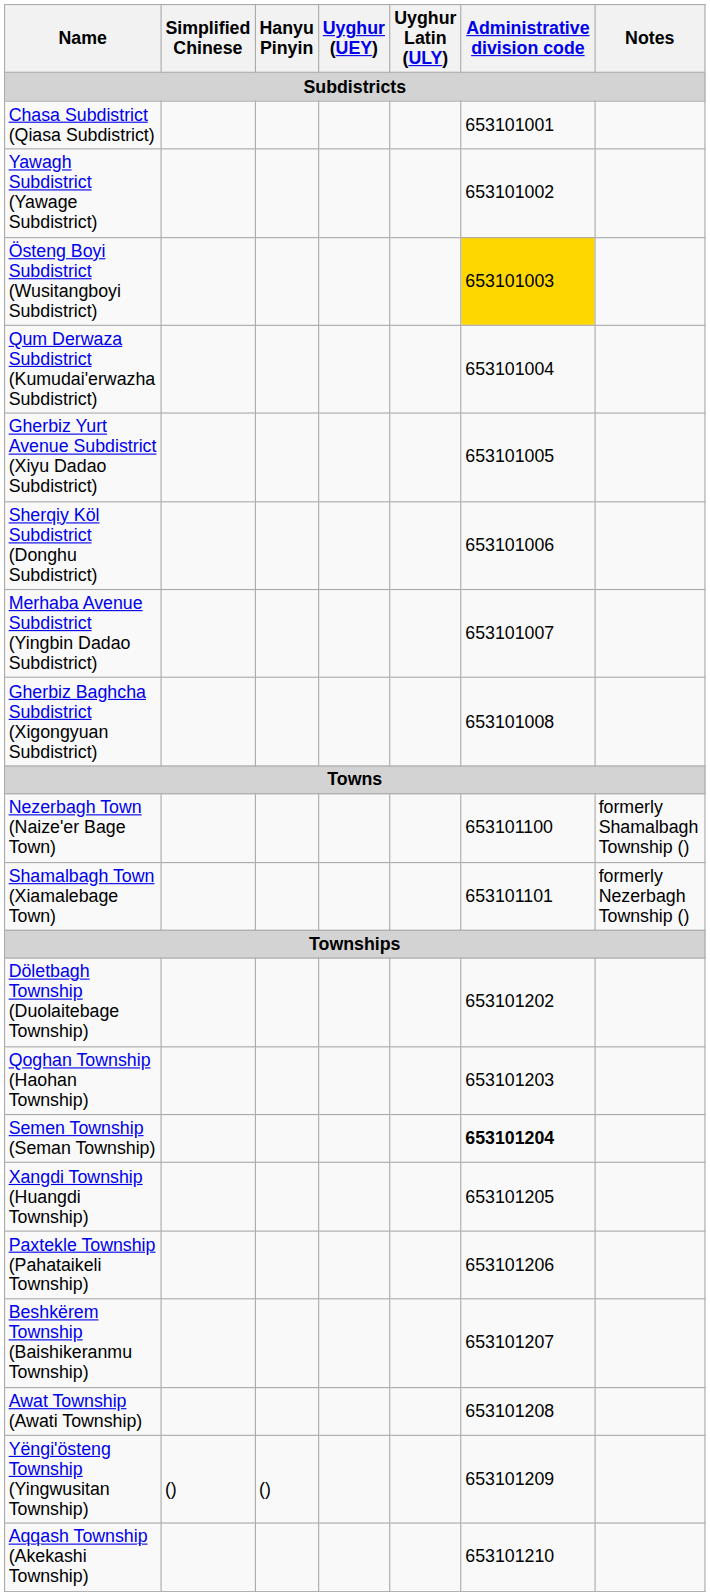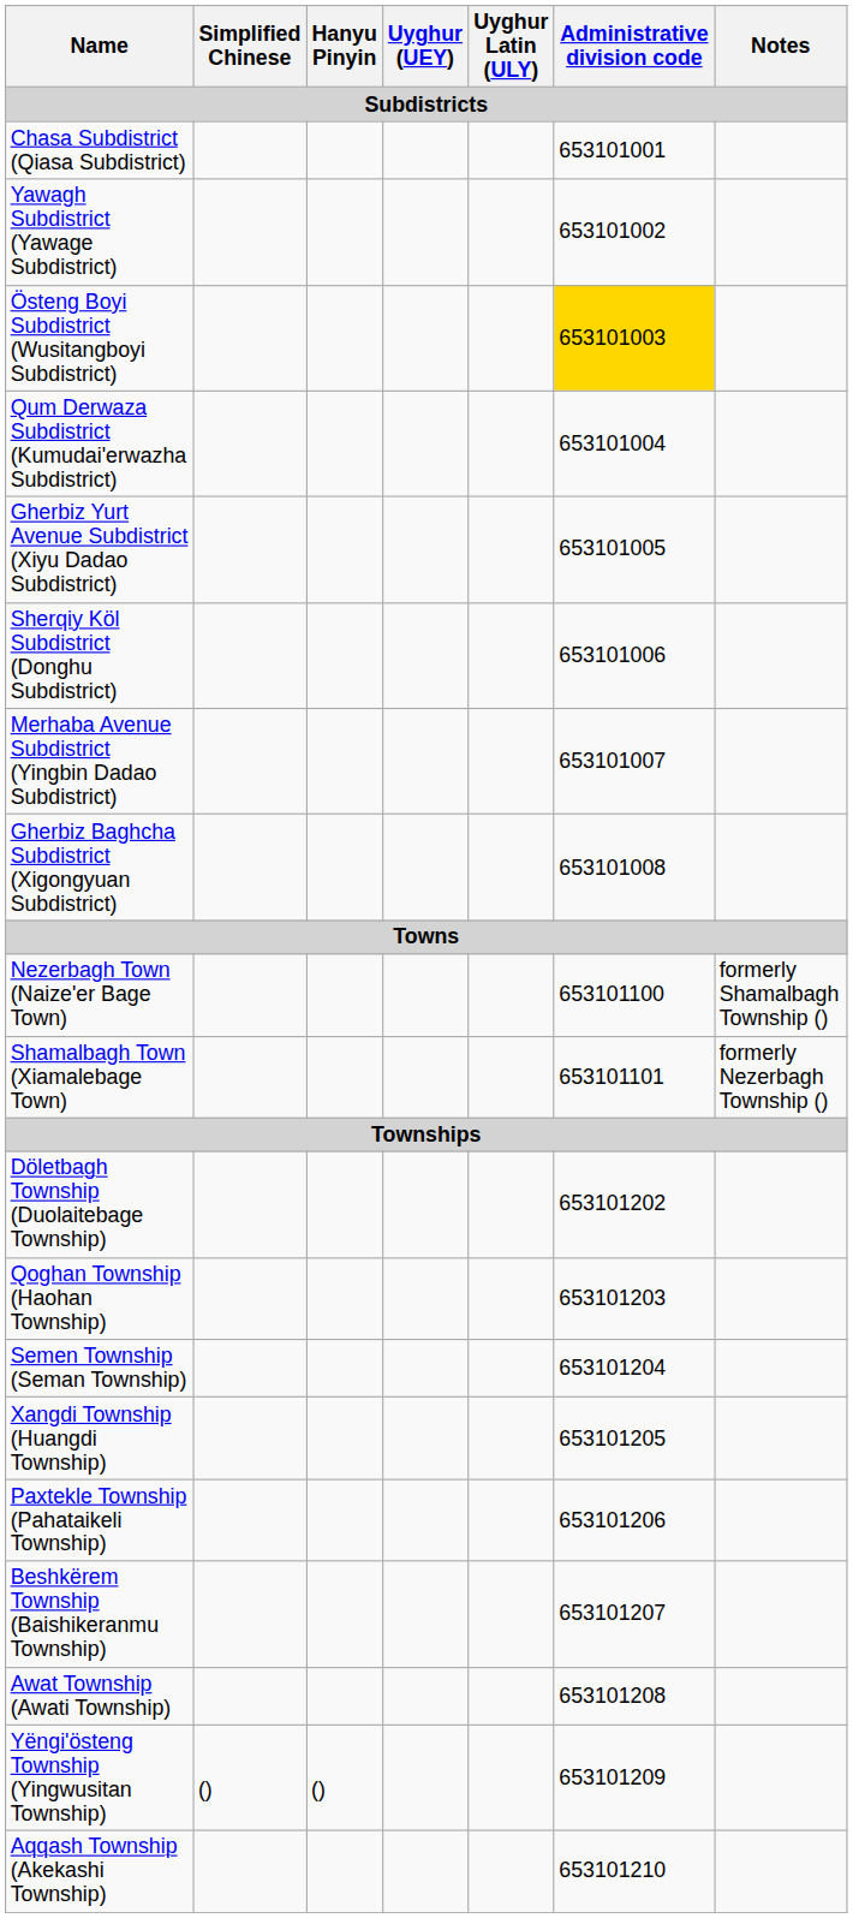 <table class="wikitable" align="center" style="width:50%; border="1">
 <tr>
 <th>Name</th>
 <th>Simplified Chinese</th>
 <th>Hanyu Pinyin</th>
 <th><a href='#'>Uyghur</a> (<a href='#'>UEY</a>)</th>
 <th>Uyghur Latin (<a href='#'>ULY</a>)</th>
 <th><a href='#'>Administrative division code</a></th>
 <th>Notes</th>
 </tr>
 <tr>
 <td colspan="8"  style="text-align:center; background:#d3d3d3;"><strong>Subdistricts</strong></td>
 </tr>
 <tr --------->
 <td><a href='#'>Chasa Subdistrict</a><br>(Qiasa Subdistrict)</td>
 <td></td>
 <td></td>
 <td></td>
 <td></td>
 <td>653101001</td>
 <td></td>
 </tr>
 <tr>
 <td><a href='#'>Yawagh Subdistrict</a><br>(Yawage Subdistrict)</td>
 <td></td>
 <td></td>
 <td></td>
 <td></td>
 <td>653101002</td>
 <td></td>
 </tr>
 <tr>
 <td><a href='#'>Östeng Boyi Subdistrict</a><br>(Wusitangboyi Subdistrict)</td>
 <td></td>
 <td></td>
 <td></td>
 <td></td>
 <td style="background: gold;">653101003</td>
 <td></td>
 </tr>
 <tr>
 <td><a href='#'>Qum Derwaza Subdistrict</a><br>(Kumudai'erwazha Subdistrict)</td>
 <td></td>
 <td></td>
 <td></td>
 <td></td>
 <td>653101004</td>
 <td></td>
 </tr>
 <tr>
 <td><a href='#'>Gherbiz Yurt Avenue Subdistrict</a><br>(Xiyu Dadao Subdistrict)</td>
 <td></td>
 <td></td>
 <td></td>
 <td></td>
 <td>653101005</td>
 <td></td>
 </tr>
 <tr>
 <td><a href='#'>Sherqiy Köl Subdistrict</a><br>(Donghu Subdistrict)</td>
 <td></td>
 <td></td>
 <td></td>
 <td></td>
 <td>653101006</td>
 <td></td>
 </tr>
 <tr>
 <td><a href='#'>Merhaba Avenue Subdistrict</a><br>(Yingbin Dadao Subdistrict)</td>
 <td></td>
 <td></td>
 <td></td>
 <td></td>
 <td>653101007</td>
 <td></td>
 </tr>
 <tr>
 <td><a href='#'>Gherbiz Baghcha Subdistrict</a><br>(Xigongyuan Subdistrict)</td>
 <td></td>
 <td></td>
 <td></td>
 <td></td>
 <td>653101008</td>
 <td></td>
 </tr>
 <tr --------->
 <td colspan="8"  style="text-align:center; background:#d3d3d3;"><strong>Towns</strong></td>
 </tr>
 <tr --------->
 <td><a href='#'>Nezerbagh Town</a><br>(Naize'er Bage Town)</td>
 <td></td>
 <td></td>
 <td></td>
 <td></td>
 <td>653101100</td>
 <td>formerly Shamalbagh Township ()</td>
 </tr>
 <tr>
 <td><a href='#'>Shamalbagh Town</a><br>(Xiamalebage Town)</td>
 <td></td>
 <td></td>
 <td></td>
 <td></td>
 <td>653101101</td>
 <td>formerly Nezerbagh Township ()</td>
 </tr>
 <tr --------->
 <td colspan="8"  style="text-align:center; background:#d3d3d3;"><strong>Townships</strong></td>
 </tr>
 <tr --------->
 <td><a href='#'>Döletbagh Township</a><br>(Duolaitebage Township)</td>
 <td></td>
 <td></td>
 <td></td>
 <td></td>
 <td>653101202</td>
 <td></td>
 </tr>
 <tr>
 <td><a href='#'>Qoghan Township</a><br>(Haohan Township)</td>
 <td></td>
 <td></td>
 <td></td>
 <td></td>
 <td>653101203</td>
 <td></td>
 </tr>
 <tr>
 <td><a href='#'>Semen Township</a><br>(Seman Township)</td>
 <td></td>
 <td></td>
 <td></td>
 <td></td>
-<td><strong>653101204</strong></td>
+<td>653101204</td>
 <td></td>
 </tr>
 <tr>
 <td><a href='#'>Xangdi Township</a><br>(Huangdi Township)</td>
 <td></td>
 <td></td>
 <td></td>
 <td></td>
 <td>653101205</td>
 <td></td>
 </tr>
 <tr>
 <td><a href='#'>Paxtekle Township</a><br>(Pahataikeli Township)</td>
 <td></td>
 <td></td>
 <td></td>
 <td></td>
 <td>653101206</td>
 <td></td>
 </tr>
 <tr>
 <td><a href='#'>Beshkërem Township</a><br>(Baishikeranmu Township)</td>
 <td></td>
 <td></td>
 <td></td>
 <td></td>
 <td>653101207</td>
 <td></td>
 </tr>
 <tr>
 <td><a href='#'>Awat Township</a><br>(Awati Township)</td>
 <td></td>
 <td></td>
 <td></td>
 <td></td>
 <td>653101208</td>
 <td></td>
 </tr>
 <tr>
 <td><a href='#'>Yëngi'östeng Township</a><br>(Yingwusitan Township)</td>
 <td><br>()</td>
 <td><br>()</td>
 <td></td>
 <td></td>
 <td>653101209</td>
 <td></td>
 </tr>
 <tr>
 <td><a href='#'>Aqqash Township</a><br>(Akekashi Township)</td>
 <td></td>
 <td></td>
 <td></td>
 <td></td>
 <td>653101210</td>
 <td></td>
 </tr>
 <tr>
 </tr>
 </table>
